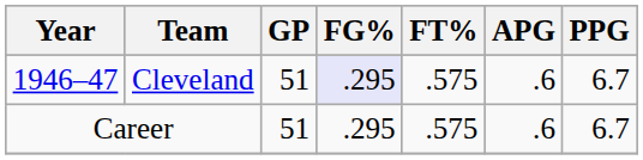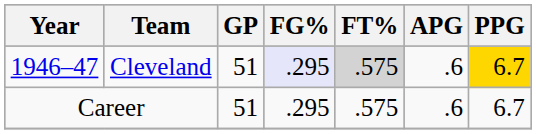 <table class="wikitable sortable" style="font-size:95%; text-align:right;">
 <tr>
 <th>Year</th>
 <th>Team</th>
 <th>GP</th>
 <th>FG%</th>
 <th>FT%</th>
 <th>APG</th>
 <th>PPG</th>
 </tr>
 <tr>
 <td style="text-align:left;"><a href='#'>1946–47</a></td>
 <td style="text-align:left;"><a href='#'>Cleveland</a></td>
 <td>51</td>
 <td style="background: lavender;">.295</td>
-<td>.575</td>
+<td style="background: lightgrey;">.575</td>
 <td>.6</td>
-<td>6.7</td>
+<td style="background: gold;">6.7</td>
 </tr>
 <tr>
 <td style="text-align:center;" colspan="2">Career</td>
 <td>51</td>
 <td>.295</td>
 <td>.575</td>
 <td>.6</td>
 <td>6.7</td>
 </tr>
 <tr>
 </tr>
 </table>
